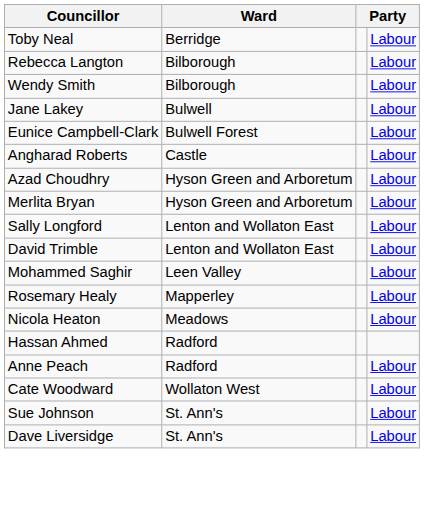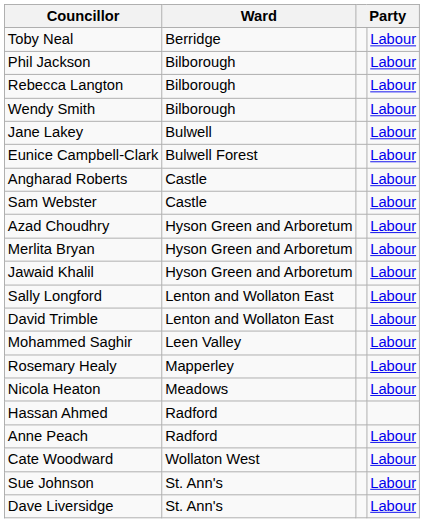 <table class="wikitable sortable">
 <tr>
 <th scope="col">Councillor</th>
 <th scope="col">Ward</th>
 <th colspan="2" scope="col">Party</th>
 </tr>
 <tr>
 <td>Toby Neal</td>
 <td>Berridge</td>
+<td style="color:inherit;background:"> </td>
+<td><a href='#'>Labour</a></td>
+</tr>
+<tr>
+<td>Phil Jackson</td>
+<td>Bilborough</td>
 <td style="color:inherit;background:"> </td>
 <td><a href='#'>Labour</a></td>
 </tr>
 <tr>
 <td>Rebecca Langton</td>
 <td>Bilborough</td>
 <td style="color:inherit;background:"> </td>
 <td><a href='#'>Labour</a></td>
 </tr>
 <tr>
 <td>Wendy Smith</td>
 <td>Bilborough</td>
 <td style="color:inherit;background:"> </td>
 <td><a href='#'>Labour</a></td>
 </tr>
 <tr>
 <td>Jane Lakey</td>
 <td>Bulwell</td>
 <td style="color:inherit;background:"> </td>
 <td><a href='#'>Labour</a></td>
 </tr>
 <tr>
 <td>Eunice Campbell-Clark</td>
 <td>Bulwell Forest</td>
 <td style="color:inherit;background:"> </td>
 <td><a href='#'>Labour</a></td>
 </tr>
 <tr>
 <td>Angharad Roberts</td>
 <td>Castle</td>
 <td style="color:inherit;background:"> </td>
 <td><a href='#'>Labour</a></td>
 </tr>
 <tr>
+<td>Sam Webster</td>
+<td>Castle</td>
+<td style="color:inherit;background:"> </td>
+<td><a href='#'>Labour</a></td>
+</tr>
+<tr>
 <td>Azad Choudhry</td>
 <td>Hyson Green and Arboretum</td>
 <td style="color:inherit;background:"> </td>
 <td><a href='#'>Labour</a></td>
 </tr>
 <tr>
 <td>Merlita Bryan</td>
+<td>Hyson Green and Arboretum</td>
+<td style="color:inherit;background:"> </td>
+<td><a href='#'>Labour</a></td>
+</tr>
+<tr>
+<td>Jawaid Khalil</td>
 <td>Hyson Green and Arboretum</td>
 <td style="color:inherit;background:"> </td>
 <td><a href='#'>Labour</a></td>
 </tr>
 <tr>
 <td>Sally Longford</td>
 <td>Lenton and Wollaton East</td>
 <td style="color:inherit;background:"> </td>
 <td><a href='#'>Labour</a></td>
 </tr>
 <tr>
 <td>David Trimble</td>
 <td>Lenton and Wollaton East</td>
 <td style="color:inherit;background:"> </td>
 <td><a href='#'>Labour</a></td>
 </tr>
 <tr>
 <td>Mohammed Saghir</td>
 <td>Leen Valley</td>
 <td style="color:inherit;background:"> </td>
 <td><a href='#'>Labour</a></td>
 </tr>
 <tr>
 <td>Rosemary Healy</td>
 <td>Mapperley</td>
 <td style="color:inherit;background:"> </td>
 <td><a href='#'>Labour</a></td>
 </tr>
 <tr>
 <td>Nicola Heaton</td>
 <td>Meadows</td>
 <td style="color:inherit;background:"> </td>
 <td><a href='#'>Labour</a></td>
 </tr>
 <tr>
 <td>Hassan Ahmed</td>
 <td>Radford</td>
 <td></td>
 </tr>
 <tr>
 <td>Anne Peach</td>
 <td>Radford</td>
 <td style="color:inherit;background:"> </td>
 <td><a href='#'>Labour</a></td>
 </tr>
 <tr>
 <td>Cate Woodward</td>
 <td>Wollaton West</td>
 <td style="color:inherit;background:"> </td>
 <td><a href='#'>Labour</a></td>
 </tr>
 <tr>
 <td>Sue Johnson</td>
 <td>St. Ann's</td>
 <td style="color:inherit;background:"> </td>
 <td><a href='#'>Labour</a></td>
 </tr>
 <tr>
 <td>Dave Liversidge</td>
 <td>St. Ann's</td>
 <td style="color:inherit;background:"> </td>
 <td><a href='#'>Labour</a></td>
 </tr>
 </table>
